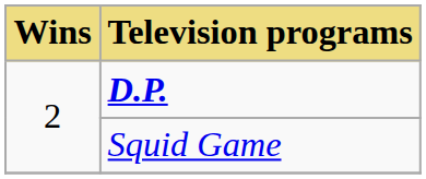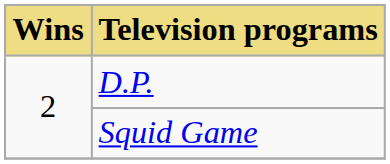 <table class="wikitable">
 <tr>
 <th style="background:#EEDD82; text-align:center">Wins</th>
 <th style="background:#EEDD82; text-align:center">Television programs</th>
 </tr>
 <tr>
 <td rowspan=2 style="text-align:center">2</td>
-<td><strong><em><a href='#'>D.P.</a></em></strong></td>
+<td><em><a href='#'>D.P.</a></em></td>
 </tr>
 <tr>
 <td><em><a href='#'>Squid Game</a></em></td>
 </tr>
 <tr>
 </tr>
 </table>
